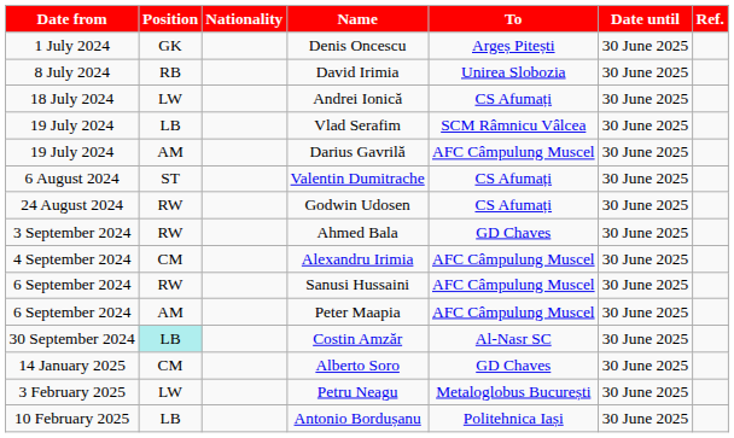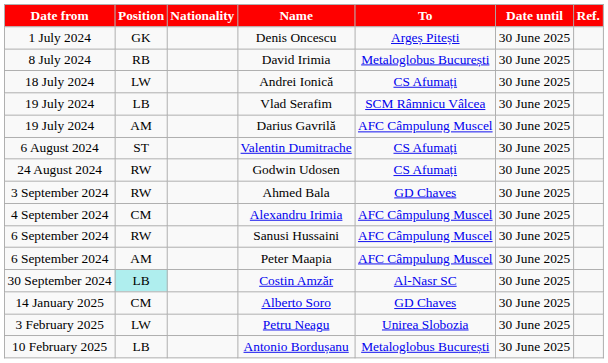 <table class="wikitable"  style="text-align:center; font-size:90%; ">
 <tr>
 <th style="background:red;color:white;">Date from</th>
 <th style="background:red;color:white;">Position</th>
 <th style="background:red;color:white;">Nationality</th>
 <th style="background:red;color:white;">Name</th>
 <th style="background:red;color:white;">To</th>
 <th style="background:red;color:white;">Date until</th>
 <th style="background:red;color:white;">Ref.</th>
 </tr>
 <tr>
 <td>1 July 2024</td>
 <td>GK</td>
 <td></td>
 <td>Denis Oncescu</td>
 <td><a href='#'>Argeș Pitești</a></td>
 <td>30 June 2025</td>
 <td></td>
 </tr>
 <tr>
 <td>8 July 2024</td>
 <td>RB</td>
 <td></td>
 <td>David Irimia</td>
-<td><a href='#'>Unirea Slobozia</a></td>
+<td><a href='#'>Metaloglobus București</a></td>
 <td>30 June 2025</td>
 <td></td>
 </tr>
 <tr>
 <td>18 July 2024</td>
 <td>LW</td>
 <td></td>
 <td>Andrei Ionică</td>
 <td><a href='#'>CS Afumați</a></td>
 <td>30 June 2025</td>
 <td></td>
 </tr>
 <tr>
 <td>19 July 2024</td>
 <td>LB</td>
 <td></td>
 <td>Vlad Serafim</td>
 <td><a href='#'>SCM Râmnicu Vâlcea</a></td>
 <td>30 June 2025</td>
 <td></td>
 </tr>
 <tr>
 <td>19 July 2024</td>
 <td>AM</td>
 <td></td>
 <td>Darius Gavrilă</td>
 <td><a href='#'>AFC Câmpulung Muscel</a></td>
 <td>30 June 2025</td>
 <td></td>
 </tr>
 <tr>
 <td>6 August 2024</td>
 <td>ST</td>
 <td></td>
 <td><a href='#'>Valentin Dumitrache</a></td>
 <td><a href='#'>CS Afumați</a></td>
 <td>30 June 2025</td>
 <td></td>
 </tr>
 <tr>
 <td>24 August 2024</td>
 <td>RW</td>
 <td></td>
 <td>Godwin Udosen</td>
 <td><a href='#'>CS Afumați</a></td>
 <td>30 June 2025</td>
 <td></td>
 </tr>
 <tr>
 <td>3 September 2024</td>
 <td>RW</td>
 <td></td>
 <td>Ahmed Bala</td>
 <td> <a href='#'>GD Chaves</a></td>
 <td>30 June 2025</td>
 <td></td>
 </tr>
 <tr>
 <td>4 September 2024</td>
 <td>CM</td>
 <td></td>
 <td><a href='#'>Alexandru Irimia</a></td>
 <td><a href='#'>AFC Câmpulung Muscel</a></td>
 <td>30 June 2025</td>
 <td></td>
 </tr>
 <tr>
 <td>6 September 2024</td>
 <td>RW</td>
 <td></td>
 <td>Sanusi Hussaini</td>
 <td><a href='#'>AFC Câmpulung Muscel</a></td>
 <td>30 June 2025</td>
 <td></td>
 </tr>
 <tr>
 <td>6 September 2024</td>
 <td>AM</td>
 <td></td>
 <td>Peter Maapia</td>
 <td><a href='#'>AFC Câmpulung Muscel</a></td>
 <td>30 June 2025</td>
 <td></td>
 </tr>
 <tr>
 <td>30 September 2024</td>
 <td style="background: paleturquoise;">LB</td>
 <td></td>
 <td><a href='#'>Costin Amzăr</a></td>
 <td> <a href='#'>Al-Nasr SC</a></td>
 <td>30 June 2025</td>
 <td></td>
 </tr>
 <tr>
 <td>14 January 2025</td>
 <td>CM</td>
 <td></td>
 <td><a href='#'>Alberto Soro</a></td>
 <td> <a href='#'>GD Chaves</a></td>
 <td>30 June 2025</td>
 <td></td>
 </tr>
 <tr>
 <td>3 February 2025</td>
 <td>LW</td>
 <td></td>
 <td><a href='#'>Petru Neagu</a></td>
-<td><a href='#'>Metaloglobus București</a></td>
+<td><a href='#'>Unirea Slobozia</a></td>
 <td>30 June 2025</td>
 <td></td>
 </tr>
 <tr>
 <td>10 February 2025</td>
 <td>LB</td>
 <td></td>
 <td><a href='#'>Antonio Bordușanu</a></td>
-<td><a href='#'>Politehnica Iași</a></td>
+<td><a href='#'>Metaloglobus București</a></td>
 <td>30 June 2025</td>
 <td></td>
 </tr>
 </table>
